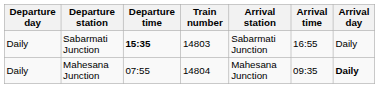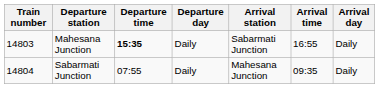 <table class="wikitable">
 <tr>
-<th>Departure day</th>
+<th>Train number</th>
 <th>Departure station</th>
 <th>Departure time</th>
-<th>Train number</th>
+<th>Departure day</th>
 <th>Arrival station</th>
 <th>Arrival time</th>
 <th>Arrival day</th>
 </tr>
 <tr>
+<td>14803</td>
+<td>Mahesana Junction</td>
+<td><strong>15:35</strong></td>
 <td>Daily</td>
-<td>Sabarmati Junction</td>
-<td><strong>15:35</strong></td>
-<td>14803</td>
 <td>Sabarmati Junction</td>
 <td>16:55</td>
 <td>Daily</td>
 </tr>
 <tr>
+<td>14804</td>
+<td>Sabarmati Junction</td>
+<td>07:55</td>
 <td>Daily</td>
 <td>Mahesana Junction</td>
-<td>07:55</td>
-<td>14804</td>
-<td>Mahesana Junction</td>
 <td>09:35</td>
-<td><strong>Daily</strong></td>
+<td>Daily</td>
 </tr>
 </table>
